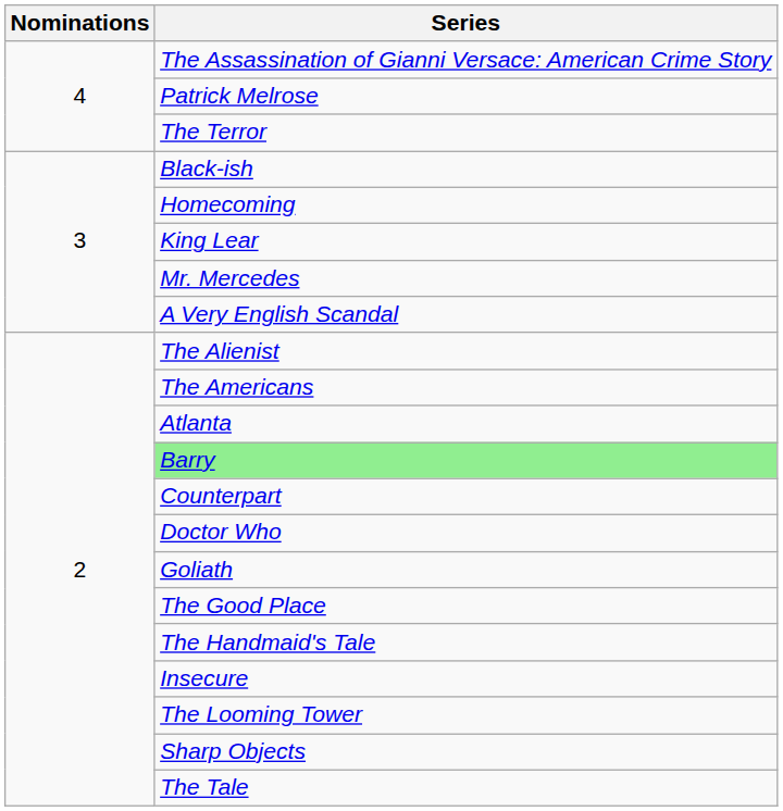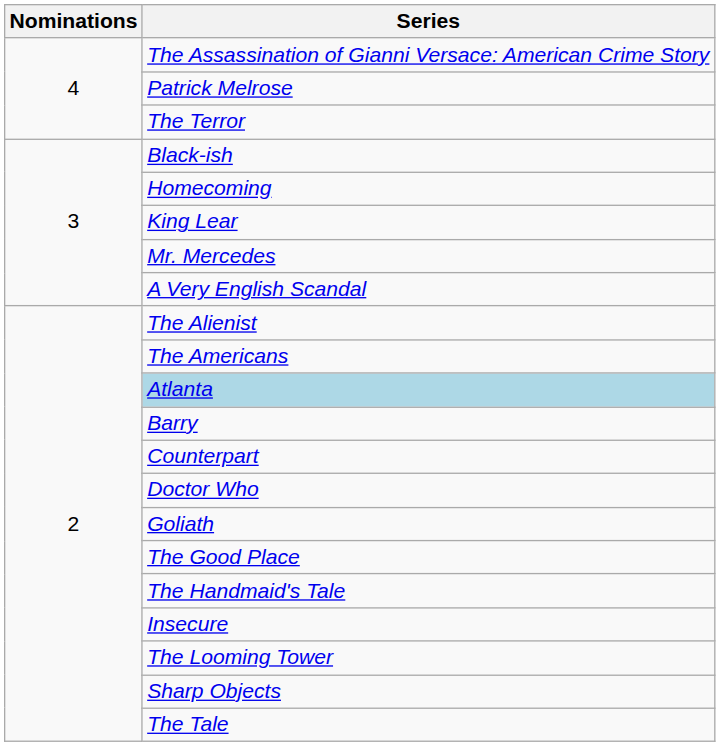 <table class="wikitable">
 <tr>
 <th>Nominations</th>
 <th>Series</th>
 </tr>
 <tr>
 <td rowspan="3" align="center">4</td>
 <td><em><a href='#'>The Assassination of Gianni Versace: American Crime Story</a></em></td>
 </tr>
 <tr>
 <td><em><a href='#'>Patrick Melrose</a></em></td>
 </tr>
 <tr>
 <td><em><a href='#'>The Terror</a></em></td>
 </tr>
 <tr>
 <td rowspan="5" align="center">3</td>
 <td><em><a href='#'>Black-ish</a></em></td>
 </tr>
 <tr>
 <td><em><a href='#'>Homecoming</a></em></td>
 </tr>
 <tr>
 <td><em><a href='#'>King Lear</a></em></td>
 </tr>
 <tr>
 <td><em><a href='#'>Mr. Mercedes</a></em></td>
 </tr>
 <tr>
 <td><em><a href='#'>A Very English Scandal</a></em></td>
 </tr>
 <tr>
 <td rowspan="13" align="center">2</td>
 <td><em><a href='#'>The Alienist</a></em></td>
 </tr>
 <tr>
 <td><em><a href='#'>The Americans</a></em></td>
 </tr>
 <tr>
-<td><em><a href='#'>Atlanta</a></em></td>
+<td style="background: lightblue;"><em><a href='#'>Atlanta</a></em></td>
 </tr>
 <tr>
-<td style="background: lightgreen;"><em><a href='#'>Barry</a></em></td>
+<td><em><a href='#'>Barry</a></em></td>
 </tr>
 <tr>
 <td><em><a href='#'>Counterpart</a></em></td>
 </tr>
 <tr>
 <td><em><a href='#'>Doctor Who</a></em></td>
 </tr>
 <tr>
 <td><em><a href='#'>Goliath</a></em></td>
 </tr>
 <tr>
 <td><em><a href='#'>The Good Place</a></em></td>
 </tr>
 <tr>
 <td><em><a href='#'>The Handmaid's Tale</a></em></td>
 </tr>
 <tr>
 <td><em><a href='#'>Insecure</a></em></td>
 </tr>
 <tr>
 <td><em><a href='#'>The Looming Tower</a></em></td>
 </tr>
 <tr>
 <td><em><a href='#'>Sharp Objects</a></em></td>
 </tr>
 <tr>
 <td><em><a href='#'>The Tale</a></em></td>
 </tr>
 </table>
